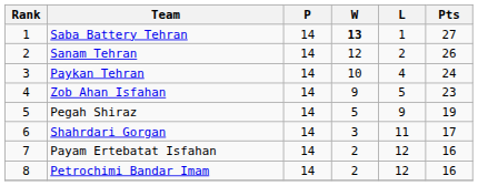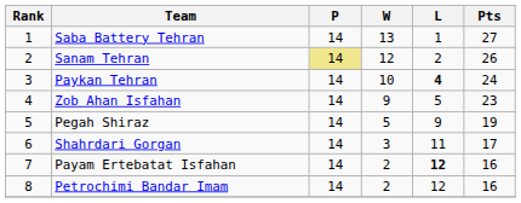 <table class="wikitable" style="text-align: center;">
 <tr>
 <th width=40>Rank</th>
 <th width=250>Team</th>
 <th width=45>P</th>
 <th width=45>W</th>
 <th width=45>L</th>
 <th width=45>Pts</th>
 </tr>
 <tr>
 <td>1</td>
 <td align="left"><a href='#'>Saba Battery Tehran</a></td>
 <td>14</td>
-<td><strong>13</strong></td>
+<td>13</td>
 <td>1</td>
 <td>27</td>
 </tr>
 <tr>
 <td>2</td>
 <td align="left"><a href='#'>Sanam Tehran</a></td>
-<td>14</td>
+<td style="background: khaki;">14</td>
 <td>12</td>
 <td>2</td>
 <td>26</td>
 </tr>
 <tr>
 <td>3</td>
 <td align="left"><a href='#'>Paykan Tehran</a></td>
 <td>14</td>
 <td>10</td>
-<td>4</td>
+<td><strong>4</strong></td>
 <td>24</td>
 </tr>
 <tr>
 <td>4</td>
 <td align="left"><a href='#'>Zob Ahan Isfahan</a></td>
 <td>14</td>
 <td>9</td>
 <td>5</td>
 <td>23</td>
 </tr>
 <tr>
 <td>5</td>
 <td align="left">Pegah Shiraz</td>
 <td>14</td>
 <td>5</td>
 <td>9</td>
 <td>19</td>
 </tr>
 <tr>
 <td>6</td>
 <td align="left"><a href='#'>Shahrdari Gorgan</a></td>
 <td>14</td>
 <td>3</td>
 <td>11</td>
 <td>17</td>
 </tr>
 <tr>
 <td>7</td>
 <td align="left">Payam Ertebatat Isfahan</td>
 <td>14</td>
 <td>2</td>
-<td>12</td>
+<td><strong>12</strong></td>
 <td>16</td>
 </tr>
 <tr>
 <td>8</td>
 <td align="left"><a href='#'>Petrochimi Bandar Imam</a></td>
 <td>14</td>
 <td>2</td>
 <td>12</td>
 <td>16</td>
 </tr>
 <tr>
 </tr>
 </table>
